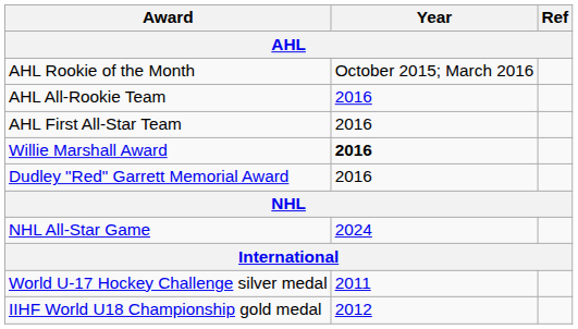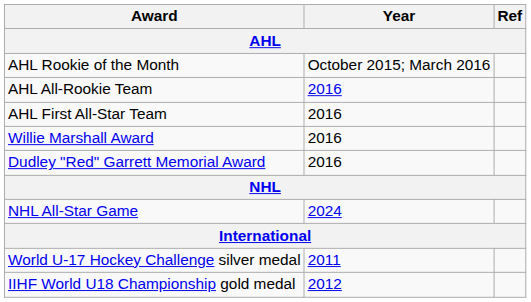 <table class="wikitable">
 <tr>
 <th>Award</th>
 <th>Year</th>
 <th>Ref</th>
 </tr>
 <tr>
 <th colspan="3"><a href='#'>AHL</a></th>
 </tr>
 <tr>
 <td>AHL Rookie of the Month</td>
 <td>October 2015; March 2016</td>
 <td></td>
 </tr>
 <tr>
 <td>AHL All-Rookie Team</td>
 <td><a href='#'>2016</a></td>
 <td></td>
 </tr>
 <tr>
 <td>AHL First All-Star Team</td>
 <td>2016</td>
 <td></td>
 </tr>
 <tr>
 <td><a href='#'>Willie Marshall Award</a></td>
-<td><strong>2016</strong></td>
+<td>2016</td>
 <td></td>
 </tr>
 <tr>
 <td><a href='#'>Dudley "Red" Garrett Memorial Award</a></td>
 <td>2016</td>
 <td></td>
 </tr>
 <tr>
 <th colspan="3"><a href='#'>NHL</a></th>
 </tr>
 <tr>
 <td><a href='#'>NHL All-Star Game</a></td>
 <td><a href='#'>2024</a></td>
 <td></td>
 </tr>
 <tr>
 <th colspan="3"><a href='#'>International</a></th>
 </tr>
 <tr>
 <td><a href='#'>World U-17 Hockey Challenge</a> silver medal</td>
 <td><a href='#'>2011</a></td>
 <td></td>
 </tr>
 <tr>
 <td><a href='#'>IIHF World U18 Championship</a> gold medal</td>
 <td><a href='#'>2012</a></td>
 <td></td>
 </tr>
 </table>
